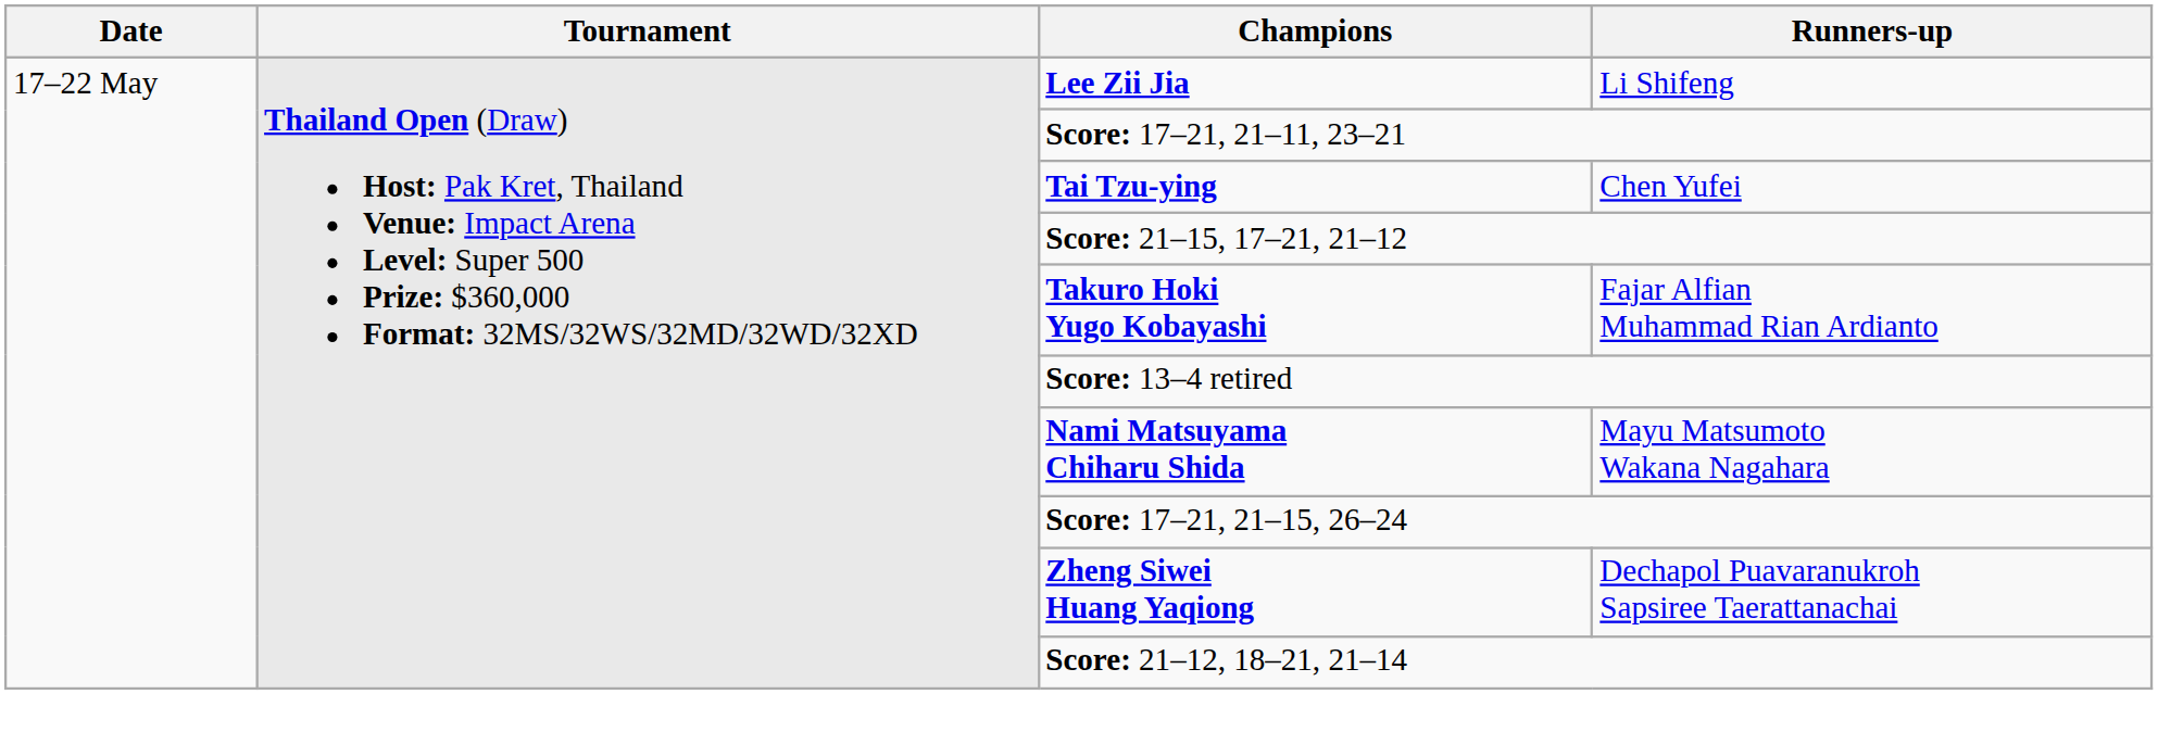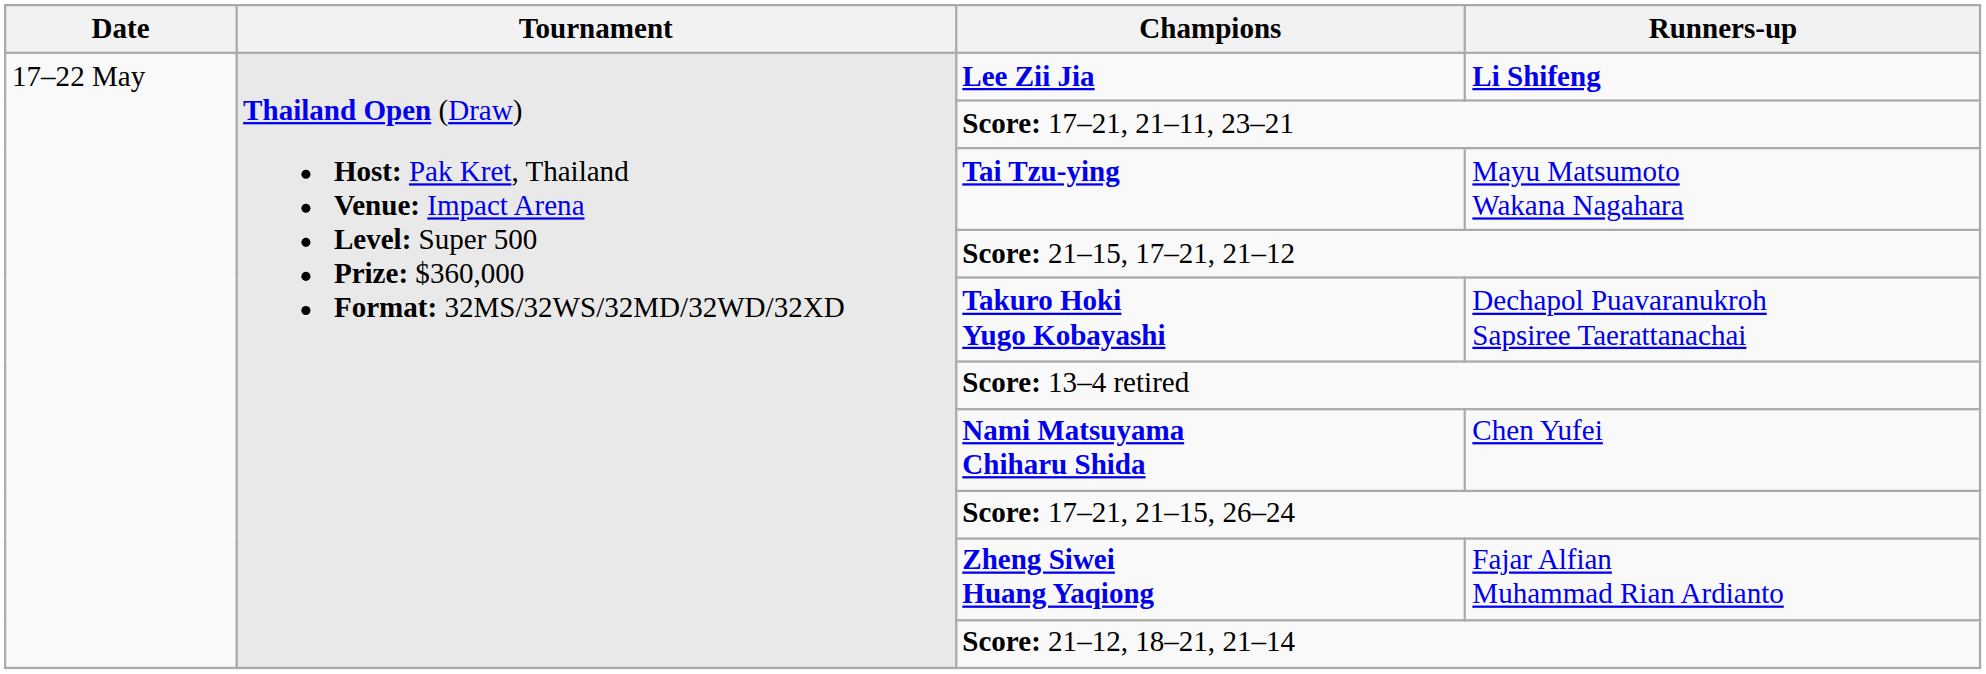 <table class="wikitable" style="font-size:80%">
 <tr>
 <th width="110">Date</th>
 <th width="330">Tournament</th>
 <th width="250">Champions</th>
 <th width="250">Runners-up</th>
 </tr>
 <tr valign="top">
 <td rowspan="10">17–22 May</td>
 <td bgcolor="#E9E9E9" rowspan="10"><br><strong><a href='#'>Thailand Open</a></strong> (<a href='#'>Draw</a>)<ul><li><strong>Host:</strong> <a href='#'>Pak Kret</a>, Thailand</li><li><strong>Venue:</strong> <a href='#'>Impact Arena</a></li><li><strong>Level:</strong> Super 500</li><li><strong>Prize:</strong> $360,000</li><li><strong>Format:</strong> 32MS/32WS/32MD/32WD/32XD</li></ul></td>
 <td><strong> <a href='#'>Lee Zii Jia</a></strong></td>
-<td> <a href='#'>Li Shifeng</a></td>
+<td><strong> <a href='#'>Li Shifeng</a></strong></td>
 </tr>
 <tr>
 <td colspan="2"><strong>Score:</strong> 17–21, 21–11, 23–21</td>
 </tr>
 <tr valign="top">
 <td><strong> <a href='#'>Tai Tzu-ying</a></strong></td>
-<td> <a href='#'>Chen Yufei</a></td>
+<td> <a href='#'>Mayu Matsumoto</a><br> <a href='#'>Wakana Nagahara</a></td>
 </tr>
 <tr>
 <td colspan="2"><strong>Score:</strong> 21–15, 17–21, 21–12</td>
 </tr>
 <tr valign="top">
 <td><strong> <a href='#'>Takuro Hoki</a><br> <a href='#'>Yugo Kobayashi</a></strong></td>
-<td> <a href='#'>Fajar Alfian</a><br> <a href='#'>Muhammad Rian Ardianto</a></td>
+<td> <a href='#'>Dechapol Puavaranukroh</a><br> <a href='#'>Sapsiree Taerattanachai</a></td>
 </tr>
 <tr>
 <td colspan="2"><strong>Score:</strong> 13–4 retired</td>
 </tr>
 <tr valign="top">
 <td><strong> <a href='#'>Nami Matsuyama</a><br> <a href='#'>Chiharu Shida</a></strong></td>
-<td> <a href='#'>Mayu Matsumoto</a><br> <a href='#'>Wakana Nagahara</a></td>
+<td> <a href='#'>Chen Yufei</a></td>
 </tr>
 <tr>
 <td colspan="2"><strong>Score:</strong> 17–21, 21–15, 26–24</td>
 </tr>
 <tr valign="top">
 <td><strong> <a href='#'>Zheng Siwei</a><br> <a href='#'>Huang Yaqiong</a></strong></td>
-<td> <a href='#'>Dechapol Puavaranukroh</a><br> <a href='#'>Sapsiree Taerattanachai</a></td>
+<td> <a href='#'>Fajar Alfian</a><br> <a href='#'>Muhammad Rian Ardianto</a></td>
 </tr>
 <tr>
 <td colspan="2"><strong>Score:</strong> 21–12, 18–21, 21–14</td>
 </tr>
 </table>
